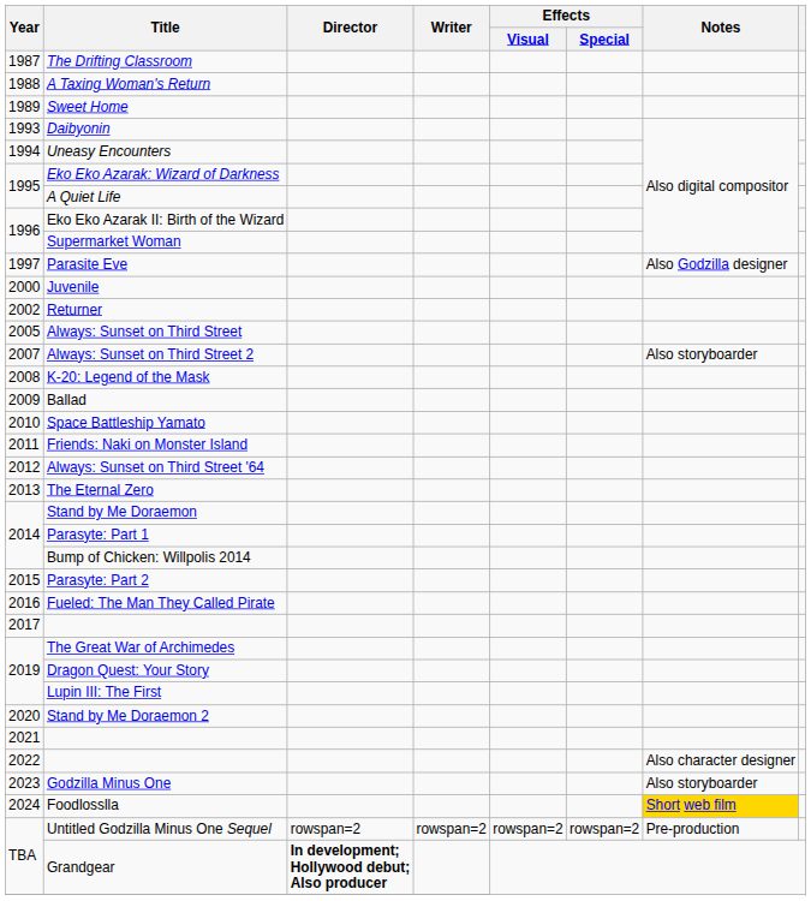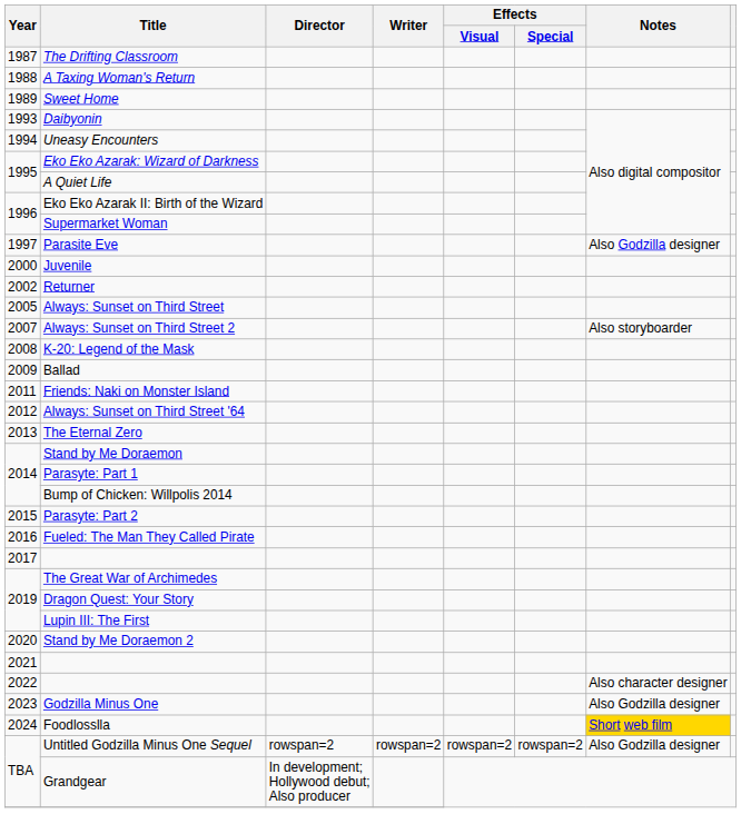 <table class="wikitable sortable">
 <tr>
 <th rowspan=2>Year</th>
 <th rowspan=2>Title</th>
 <th rowspan=2>Director</th>
 <th rowspan=2>Writer</th>
 <th colspan=2>Effects</th>
 <th rowspan=2>Notes</th>
 <th rowspan=2></th>
 </tr>
 <tr>
 <th><a href='#'>Visual</a></th>
 <th><a href='#'>Special</a></th>
 </tr>
 <tr>
 <td>1987</td>
 <td><em><a href='#'>The Drifting Classroom</a></em></td>
 <td></td>
 <td></td>
 <td></td>
 <td></td>
 <td></td>
 <td></td>
 </tr>
 <tr>
 <td>1988</td>
 <td><em><a href='#'>A Taxing Woman's Return</a></em></td>
 <td></td>
 <td></td>
 <td></td>
 <td></td>
 <td></td>
 <td></td>
 </tr>
 <tr>
 <td>1989</td>
 <td><em><a href='#'>Sweet Home</a></em></td>
 <td></td>
 <td></td>
 <td></td>
 <td></td>
 <td></td>
 <td></td>
 </tr>
 <tr>
 <td>1993</td>
 <td><em><a href='#'>Daibyonin</a></em></td>
 <td></td>
 <td></td>
 <td></td>
 <td></td>
 <td rowspan=6>Also digital compositor</td>
 <td></td>
 </tr>
 <tr>
 <td>1994</td>
 <td><em>Uneasy Encounters</em></td>
 <td></td>
 <td></td>
 <td></td>
 <td></td>
 <td></td>
 </tr>
 <tr>
 <td rowspan=2>1995</td>
 <td><em><a href='#'>Eko Eko Azarak: Wizard of Darkness</a></em></td>
 <td></td>
 <td></td>
 <td></td>
 <td></td>
 <td></td>
 </tr>
 <tr>
 <td><em>A Quiet Life</td>
 <td></td>
 <td></td>
 <td></td>
 <td></td>
 <td></td>
 </tr>
 <tr>
 <td rowspan=2>1996</td>
 <td></em>Eko Eko Azarak II: Birth of the Wizard<em></td>
 <td></td>
 <td></td>
 <td></td>
 <td></td>
 <td></td>
 </tr>
 <tr>
 <td></em><a href='#'>Supermarket Woman</a><em></td>
 <td></td>
 <td></td>
 <td></td>
 <td></td>
 <td></td>
 </tr>
 <tr>
 <td>1997</td>
 <td></em><a href='#'>Parasite Eve</a><em></td>
 <td></td>
 <td></td>
 <td></td>
 <td></td>
 <td>Also <a href='#'>Godzilla</a> designer</td>
 <td></td>
 </tr>
 <tr>
 <td>2000</td>
 <td></em><a href='#'>Juvenile</a><em></td>
 <td></td>
 <td></td>
 <td></td>
 <td></td>
 <td></td>
 <td></td>
 </tr>
 <tr>
 <td>2002</td>
 <td></em><a href='#'>Returner</a><em></td>
 <td></td>
 <td></td>
 <td></td>
 <td></td>
 <td></td>
 <td></td>
 </tr>
 <tr>
 <td>2005</td>
 <td></em><a href='#'>Always: Sunset on Third Street</a><em></td>
 <td></td>
 <td></td>
 <td></td>
 <td></td>
 <td></td>
 <td></td>
 </tr>
 <tr>
 <td>2007</td>
 <td></em><a href='#'>Always: Sunset on Third Street 2</a><em></td>
 <td></td>
 <td></td>
 <td></td>
 <td></td>
 <td>Also storyboarder</td>
 <td></td>
 </tr>
 <tr>
 <td>2008</td>
 <td></em><a href='#'>K-20: Legend of the Mask</a><em></td>
 <td></td>
 <td></td>
 <td></td>
 <td></td>
 <td></td>
 <td></td>
 </tr>
 <tr>
 <td>2009</td>
 <td></em>Ballad<em></td>
 <td></td>
 <td></td>
 <td></td>
 <td></td>
 <td></td>
 <td></td>
 </tr>
 <tr>
-<td>2010</td>
-<td></em><a href='#'>Space Battleship Yamato</a><em></td>
-<td></td>
-<td></td>
-<td></td>
-<td></td>
-<td></td>
-<td></td>
-</tr>
-<tr>
 <td>2011</td>
 <td></em><a href='#'>Friends: Naki on Monster Island</a><em></td>
 <td></td>
 <td></td>
 <td></td>
 <td></td>
 <td></td>
 <td></td>
 </tr>
 <tr>
 <td>2012</td>
 <td></em><a href='#'>Always: Sunset on Third Street '64</a><em></td>
 <td></td>
 <td></td>
 <td></td>
 <td></td>
 <td></td>
 <td></td>
 </tr>
 <tr>
 <td>2013</td>
 <td></em><a href='#'>The Eternal Zero</a><em></td>
 <td></td>
 <td></td>
 <td></td>
 <td></td>
 <td></td>
 <td></td>
 </tr>
 <tr>
 <td rowspan=3>2014</td>
 <td></em><a href='#'>Stand by Me Doraemon</a><em></td>
 <td></td>
 <td></td>
 <td></td>
 <td></td>
 <td></td>
 <td></td>
 </tr>
 <tr>
 <td></em><a href='#'>Parasyte: Part 1</a><em></td>
 <td></td>
 <td></td>
 <td></td>
 <td></td>
 <td></td>
 <td></td>
 </tr>
 <tr>
 <td></em>Bump of Chicken: Willpolis 2014<em></td>
 <td></td>
 <td></td>
 <td></td>
 <td></td>
 <td></td>
 <td></td>
 </tr>
 <tr>
 <td>2015</td>
 <td></em><a href='#'>Parasyte: Part 2</a><em></td>
 <td></td>
 <td></td>
 <td></td>
 <td></td>
 <td></td>
 <td></td>
 </tr>
 <tr>
 <td>2016</td>
 <td></em><a href='#'>Fueled: The Man They Called Pirate</a><em></td>
 <td></td>
 <td></td>
 <td></td>
 <td></td>
 <td></td>
 <td></td>
 </tr>
 <tr>
 <td>2017</td>
 <td></em><em></td>
 <td></td>
 <td></td>
 <td></td>
 <td></td>
 <td></td>
 <td></td>
 </tr>
 <tr>
 <td rowspan=3>2019</td>
 <td></em><a href='#'>The Great War of Archimedes</a><em></td>
 <td></td>
 <td></td>
 <td></td>
 <td></td>
 <td></td>
 <td></td>
 </tr>
 <tr>
 <td></em><a href='#'>Dragon Quest: Your Story</a><em></td>
 <td></td>
 <td></td>
 <td></td>
 <td></td>
 <td></td>
 <td></td>
 </tr>
 <tr>
 <td></em><a href='#'>Lupin III: The First</a><em></td>
 <td></td>
 <td></td>
 <td></td>
 <td></td>
 <td></td>
 <td></td>
 </tr>
 <tr>
 <td>2020</td>
 <td></em><a href='#'>Stand by Me Doraemon 2</a><em></td>
 <td></td>
 <td></td>
 <td></td>
 <td></td>
 <td></td>
 <td></td>
 </tr>
 <tr>
 <td>2021</td>
 <td></em><em></td>
 <td></td>
 <td></td>
 <td></td>
 <td></td>
 <td></td>
 <td></td>
 </tr>
 <tr>
 <td>2022</td>
 <td></em><em></td>
 <td></td>
 <td></td>
 <td></td>
 <td></td>
 <td>Also character designer</td>
 <td></td>
 </tr>
 <tr>
 <td>2023</td>
 <td></em><a href='#'>Godzilla Minus One</a><em></td>
 <td></td>
 <td></td>
 <td></td>
 <td></td>
-<td>Also storyboarder</td>
+<td>Also Godzilla designer</td>
 <td></td>
 </tr>
 <tr>
 <td>2024</td>
 <td></em>Foodlosslla<em></td>
 <td></td>
 <td></td>
 <td></td>
 <td></td>
 <td style="background: gold;"><a href='#'>Short</a> <a href='#'>web film</a></td>
 <td></td>
 </tr>
 <tr>
 <td rowspan=2>TBA</td>
 <td>Untitled </em>Godzilla Minus One<em> Sequel</td>
 <td>rowspan=2 </td>
 <td>rowspan=2 </td>
 <td>rowspan=2 </td>
 <td>rowspan=2 </td>
-<td>Pre-production</td>
+<td>Also Godzilla designer</td>
 <td></td>
 </tr>
 <tr>
 <td></em>Grandgear<em></td>
-<td><strong>In development;<br>Hollywood debut;<br>Also producer</strong></td>
+<td>In development;<br>Hollywood debut;<br>Also producer</td>
 <td></td>
 </tr>
 <tr>
 </tr>
 </table>
